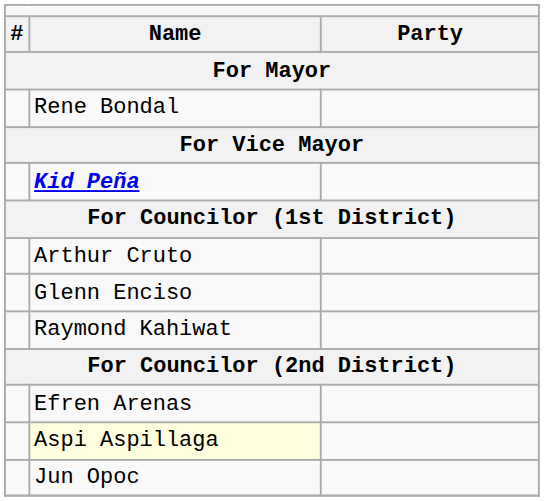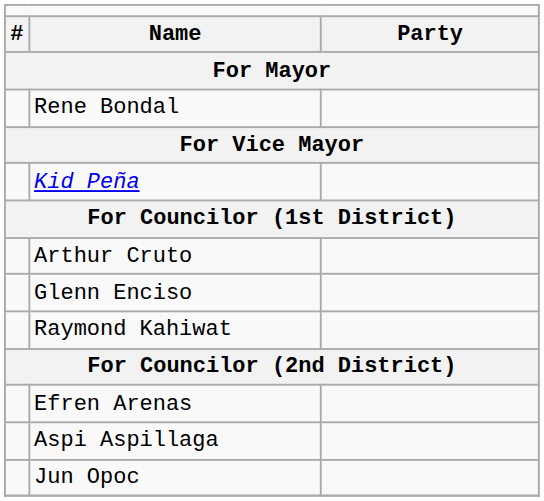 <table class=wikitable style="font-size:90%">
 <tr>
 <td colspan=5 bgcolor=></td>
 </tr>
 <tr>
 <th>#</th>
 <th width=150px>Name</th>
 <th colspan=2 width=110px>Party</th>
 </tr>
 <tr>
 <th colspan="4">For Mayor</th>
 </tr>
 <tr>
 <td></td>
 <td>Rene Bondal</td>
 <td></td>
 </tr>
 <tr>
 <th colspan="4">For Vice Mayor</th>
 </tr>
 <tr>
 <td></td>
-<td><strong><em><a href='#'>Kid Peña</a></em></strong></td>
+<td><em><a href='#'>Kid Peña</a></em></td>
 <td></td>
 </tr>
 <tr>
 <th colspan="4">For Councilor (1st District)</th>
 </tr>
 <tr>
 <td></td>
 <td>Arthur Cruto</td>
 <td></td>
 </tr>
 <tr>
 <td></td>
 <td>Glenn Enciso</td>
 <td></td>
 </tr>
 <tr>
 <td></td>
 <td>Raymond Kahiwat</td>
 <td></td>
 </tr>
 <tr>
 <th colspan="4">For Councilor (2nd District)</th>
 </tr>
 <tr>
 <td></td>
 <td>Efren Arenas</td>
 <td></td>
 </tr>
 <tr>
 <td></td>
-<td style="background: lightyellow;">Aspi Aspillaga</td>
+<td>Aspi Aspillaga</td>
 <td></td>
 </tr>
 <tr>
 <td></td>
 <td>Jun Opoc</td>
 <td></td>
 </tr>
 <tr>
 </tr>
 </table>
